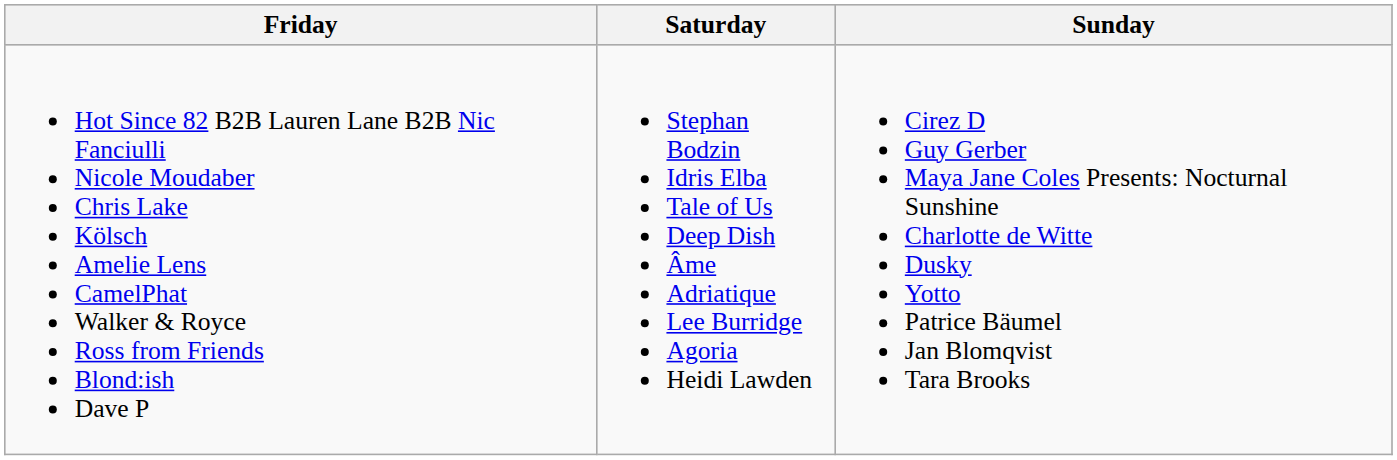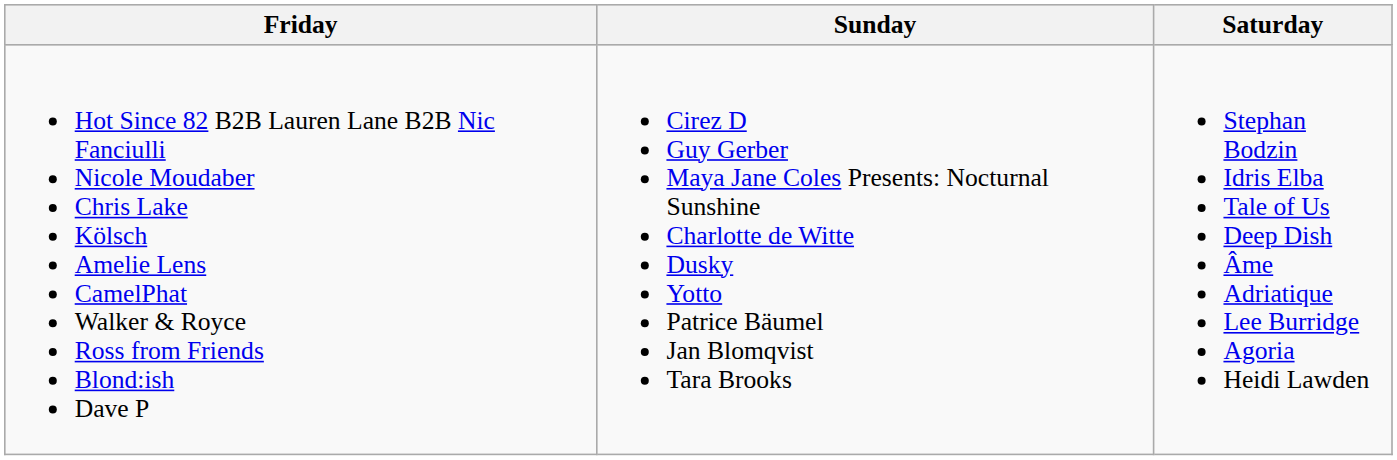 <table class="wikitable">
 <tr>
 <th>Friday</th>
+<th>Sunday</th>
 <th>Saturday</th>
-<th>Sunday</th>
 </tr>
 <tr valign="top">
 <td><br><ul><li><a href='#'>Hot Since 82</a> B2B Lauren Lane B2B <a href='#'>Nic Fanciulli</a></li><li><a href='#'>Nicole Moudaber</a></li><li><a href='#'>Chris Lake</a></li><li><a href='#'>Kölsch</a></li><li><a href='#'>Amelie Lens</a></li><li><a href='#'>CamelPhat</a></li><li>Walker & Royce</li><li><a href='#'>Ross from Friends</a></li><li><a href='#'>Blond:ish</a></li><li>Dave P</li></ul></td>
+<td><br><ul><li><a href='#'>Cirez D</a></li><li><a href='#'>Guy Gerber</a></li><li><a href='#'>Maya Jane Coles</a> Presents: Nocturnal Sunshine</li><li><a href='#'>Charlotte de Witte</a></li><li><a href='#'>Dusky</a></li><li><a href='#'>Yotto</a></li><li>Patrice Bäumel</li><li>Jan Blomqvist</li><li>Tara Brooks</li></ul></td>
 <td><br><ul><li><a href='#'>Stephan Bodzin</a></li><li><a href='#'>Idris Elba</a></li><li><a href='#'>Tale of Us</a></li><li><a href='#'>Deep Dish</a></li><li><a href='#'>Âme</a></li><li><a href='#'>Adriatique</a></li><li><a href='#'>Lee Burridge</a></li><li><a href='#'>Agoria</a></li><li>Heidi Lawden</li></ul></td>
-<td><br><ul><li><a href='#'>Cirez D</a></li><li><a href='#'>Guy Gerber</a></li><li><a href='#'>Maya Jane Coles</a> Presents: Nocturnal Sunshine</li><li><a href='#'>Charlotte de Witte</a></li><li><a href='#'>Dusky</a></li><li><a href='#'>Yotto</a></li><li>Patrice Bäumel</li><li>Jan Blomqvist</li><li>Tara Brooks</li></ul></td>
 </tr>
 </table>
